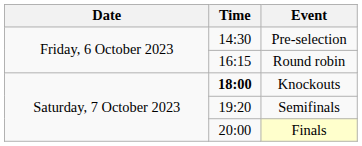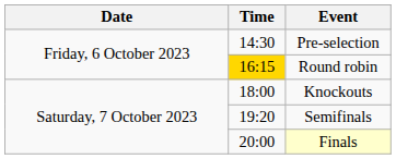 <table class = "wikitable" style="text-align:center;">
 <tr>
 <th width=220>Date</th>
 <th width=50>Time</th>
 <th width=100>Event</th>
 </tr>
 <tr>
 <td rowspan=2>Friday, 6 October 2023</td>
 <td>14:30</td>
 <td>Pre-selection</td>
 </tr>
 <tr>
-<td>16:15</td>
+<td style="background: gold;">16:15</td>
 <td>Round robin</td>
 </tr>
 <tr>
 <td rowspan=3>Saturday, 7 October 2023</td>
-<td><strong>18:00</strong></td>
+<td>18:00</td>
 <td>Knockouts</td>
 </tr>
 <tr>
 <td>19:20</td>
 <td>Semifinals</td>
 </tr>
 <tr>
 <td>20:00</td>
 <td bgcolor=ffffcc>Finals</td>
 </tr>
 </table>
